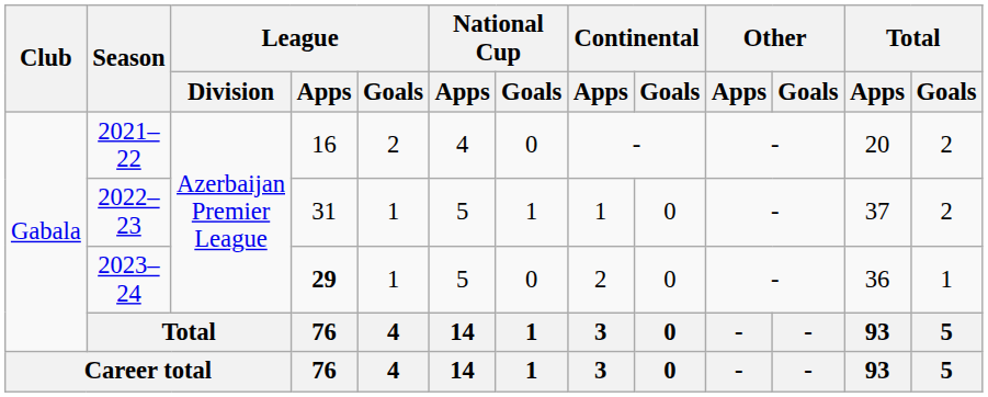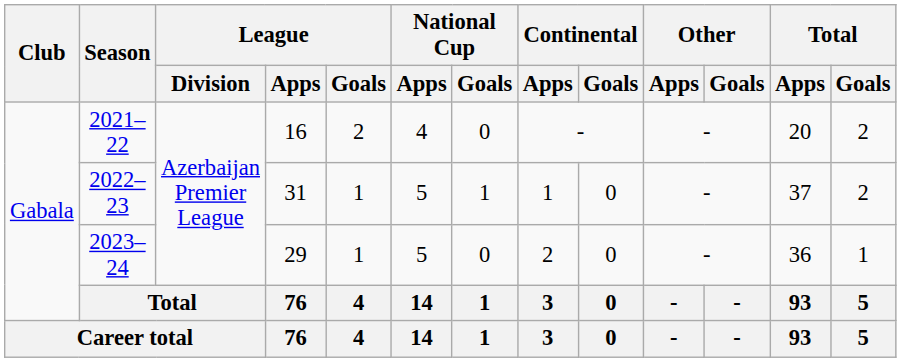 <table class="wikitable" style="text-align: center;">
 <tr>
 <th rowspan="2">Club</th>
 <th rowspan="2">Season</th>
 <th colspan="3">League</th>
 <th colspan="2">National Cup</th>
 <th colspan="2">Continental</th>
 <th colspan="2">Other</th>
 <th colspan="2">Total</th>
 </tr>
 <tr>
 <th>Division</th>
 <th>Apps</th>
 <th>Goals</th>
 <th>Apps</th>
 <th>Goals</th>
 <th>Apps</th>
 <th>Goals</th>
 <th>Apps</th>
 <th>Goals</th>
 <th>Apps</th>
 <th>Goals</th>
 </tr>
 <tr>
 <td rowspan="4" valign="center"><a href='#'>Gabala</a></td>
 <td><a href='#'>2021–22</a></td>
 <td rowspan="3"><a href='#'>Azerbaijan Premier League</a></td>
 <td>16</td>
 <td>2</td>
 <td>4</td>
 <td>0</td>
 <td colspan="2">-</td>
 <td colspan="2">-</td>
 <td>20</td>
 <td>2</td>
 </tr>
 <tr>
 <td><a href='#'>2022–23</a></td>
 <td>31</td>
 <td>1</td>
 <td>5</td>
 <td>1</td>
 <td>1</td>
 <td>0</td>
 <td colspan="2">-</td>
 <td>37</td>
 <td>2</td>
 </tr>
 <tr>
 <td><a href='#'>2023–24</a></td>
-<td><strong>29</strong></td>
+<td>29</td>
 <td>1</td>
 <td>5</td>
 <td>0</td>
 <td>2</td>
 <td>0</td>
 <td colspan="2">-</td>
 <td>36</td>
 <td>1</td>
 </tr>
 <tr>
 <th colspan="2">Total</th>
 <th>76</th>
 <th>4</th>
 <th>14</th>
 <th>1</th>
 <th>3</th>
 <th>0</th>
 <th>-</th>
 <th>-</th>
 <th>93</th>
 <th>5</th>
 </tr>
 <tr>
 <th colspan="3">Career total</th>
 <th>76</th>
 <th>4</th>
 <th>14</th>
 <th>1</th>
 <th>3</th>
 <th>0</th>
 <th>-</th>
 <th>-</th>
 <th>93</th>
 <th>5</th>
 </tr>
 </table>
